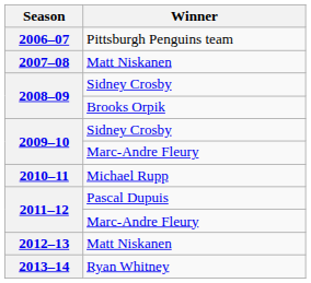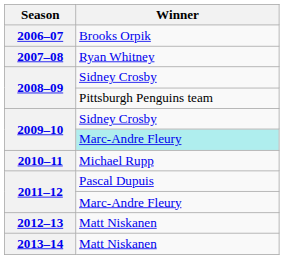 <table class="wikitable">
 <tr>
 <th scope="col" style="width:5em">Season</th>
 <th scope="col" style="width:15em">Winner</th>
 </tr>
 <tr>
 <th scope="row"><a href='#'>2006–07</a></th>
-<td>Pittsburgh Penguins team</td>
+<td><a href='#'>Brooks Orpik</a></td>
 </tr>
 <tr>
 <th scope="row"><a href='#'>2007–08</a></th>
-<td><a href='#'>Matt Niskanen</a></td>
+<td><a href='#'>Ryan Whitney</a></td>
 </tr>
 <tr>
 <th scope="row" rowspan="2"><a href='#'>2008–09</a></th>
 <td><a href='#'>Sidney Crosby</a></td>
 </tr>
 <tr>
-<td><a href='#'>Brooks Orpik</a></td>
+<td>Pittsburgh Penguins team</td>
 </tr>
 <tr>
 <th scope="row" rowspan="2"><a href='#'>2009–10</a></th>
 <td><a href='#'>Sidney Crosby</a></td>
 </tr>
 <tr>
-<td><a href='#'>Marc-Andre Fleury</a></td>
+<td style="background: paleturquoise;"><a href='#'>Marc-Andre Fleury</a></td>
 </tr>
 <tr>
 <th scope="row"><a href='#'>2010–11</a></th>
 <td><a href='#'>Michael Rupp</a></td>
 </tr>
 <tr>
 <th scope="row" rowspan="2"><a href='#'>2011–12</a></th>
 <td><a href='#'>Pascal Dupuis</a></td>
 </tr>
 <tr>
 <td><a href='#'>Marc-Andre Fleury</a></td>
 </tr>
 <tr>
 <th scope="row"><a href='#'>2012–13</a></th>
 <td><a href='#'>Matt Niskanen</a></td>
 </tr>
 <tr>
 <th scope="row"><a href='#'>2013–14</a></th>
-<td><a href='#'>Ryan Whitney</a></td>
+<td><a href='#'>Matt Niskanen</a></td>
 </tr>
 </table>
